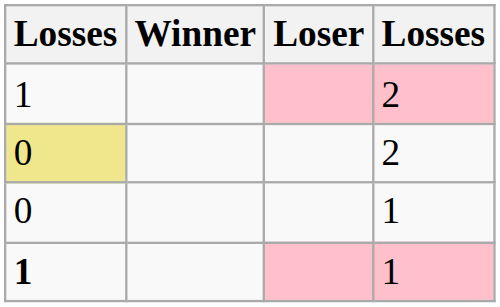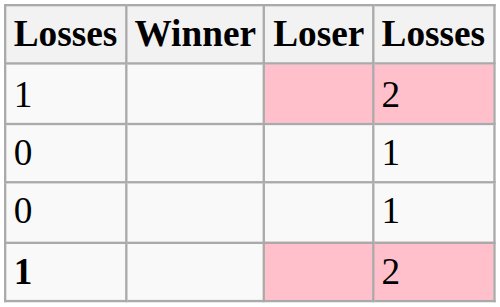 <table class=wikitable>
 <tr>
 <th>Losses</th>
 <th>Winner</th>
 <th>Loser</th>
 <th>Losses</th>
 </tr>
 <tr>
 <td>1</td>
 <td></td>
 <td bgcolor=pink></td>
 <td bgcolor=pink>2</td>
 </tr>
 <tr>
-<td style="background: khaki;">0</td>
+<td>0</td>
 <td></td>
 <td></td>
-<td>2</td>
+<td>1</td>
 </tr>
 <tr>
 <td>0</td>
 <td></td>
 <td></td>
 <td>1</td>
 </tr>
 <tr>
 <td><strong>1</strong></td>
 <td></td>
 <td bgcolor=pink></td>
-<td bgcolor=pink>1</td>
+<td bgcolor=pink>2</td>
 </tr>
 </table>
